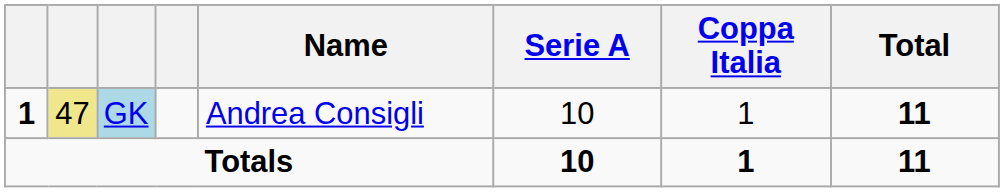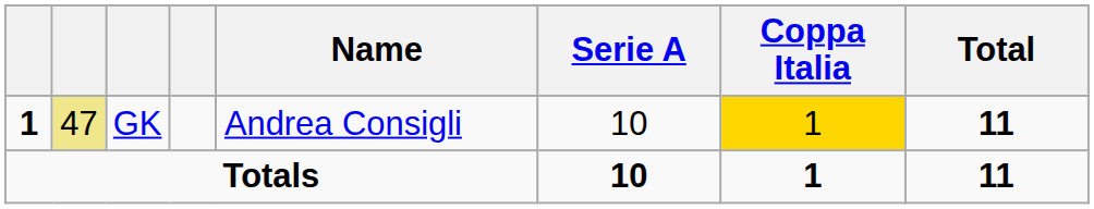 <table class="wikitable" style="text-align:center">
 <tr>
 <th width=15></th>
 <th width=15></th>
 <th width=15></th>
 <th width=15></th>
 <th width=145>Name</th>
 <th width=80><strong><a href='#'>Serie A</a></strong></th>
 <th width=80><strong><a href='#'>Coppa Italia</a></strong></th>
 <th width=80>Total</th>
 </tr>
 <tr>
 <td><strong>1</strong></td>
 <td style="background: khaki;">47</td>
-<td style="background: lightblue;"><a href='#'>GK</a></td>
+<td><a href='#'>GK</a></td>
 <td></td>
 <td align=left><a href='#'>Andrea Consigli</a></td>
 <td>10</td>
-<td>1</td>
+<td style="background: gold;">1</td>
 <td><strong>11</strong></td>
 </tr>
 <tr>
 <td colspan=5><strong>Totals</strong></td>
 <td><strong>10</strong></td>
 <td><strong>1</strong></td>
 <td><strong>11</strong></td>
 </tr>
 </table>
